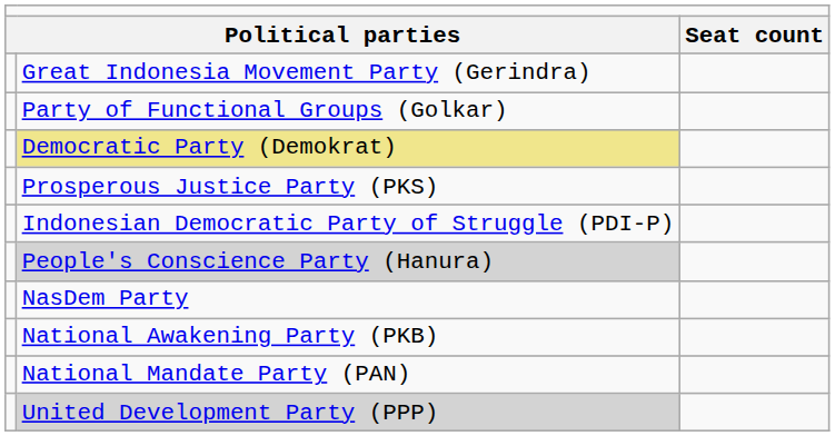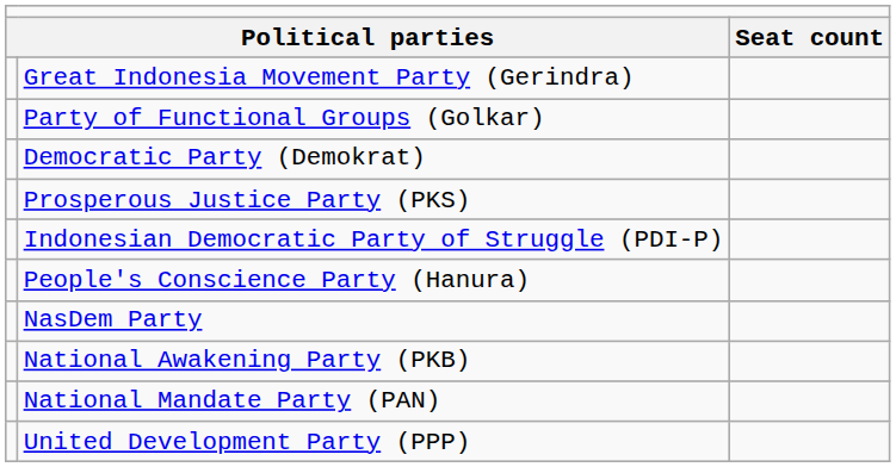 <table class="wikitable">
 <tr>
 <td colspan="4"></td>
 </tr>
 <tr>
 <th colspan="2">Political parties</th>
 <th>Seat count</th>
 </tr>
 <tr>
 <td bgcolor=></td>
 <td><a href='#'>Great Indonesia Movement Party</a> (Gerindra)</td>
 <td></td>
 </tr>
 <tr>
 <td bgcolor=></td>
 <td><a href='#'>Party of Functional Groups</a> (Golkar)</td>
 <td></td>
 </tr>
 <tr>
 <td bgcolor=></td>
-<td style="background: khaki;"><a href='#'>Democratic Party</a> (Demokrat)</td>
+<td><a href='#'>Democratic Party</a> (Demokrat)</td>
 <td></td>
 </tr>
 <tr>
 <td bgcolor=></td>
 <td><a href='#'>Prosperous Justice Party</a> (PKS)</td>
 <td></td>
 </tr>
 <tr>
 <td bgcolor=></td>
 <td><a href='#'>Indonesian Democratic Party of Struggle</a> (PDI-P)</td>
 <td></td>
 </tr>
 <tr>
 <td bgcolor=></td>
-<td style="background: lightgrey;"><a href='#'>People's Conscience Party</a> (Hanura)</td>
+<td><a href='#'>People's Conscience Party</a> (Hanura)</td>
 <td></td>
 </tr>
 <tr>
 <td bgcolor=></td>
 <td><a href='#'>NasDem Party</a></td>
 <td></td>
 </tr>
 <tr>
 <td bgcolor=></td>
 <td><a href='#'>National Awakening Party</a> (PKB)</td>
 <td></td>
 </tr>
 <tr>
 <td bgcolor=></td>
 <td><a href='#'>National Mandate Party</a> (PAN)</td>
 <td></td>
 </tr>
 <tr>
 <td bgcolor=></td>
-<td style="background: lightgrey;"><a href='#'>United Development Party</a> (PPP)</td>
+<td><a href='#'>United Development Party</a> (PPP)</td>
 <td></td>
 </tr>
 </table>
